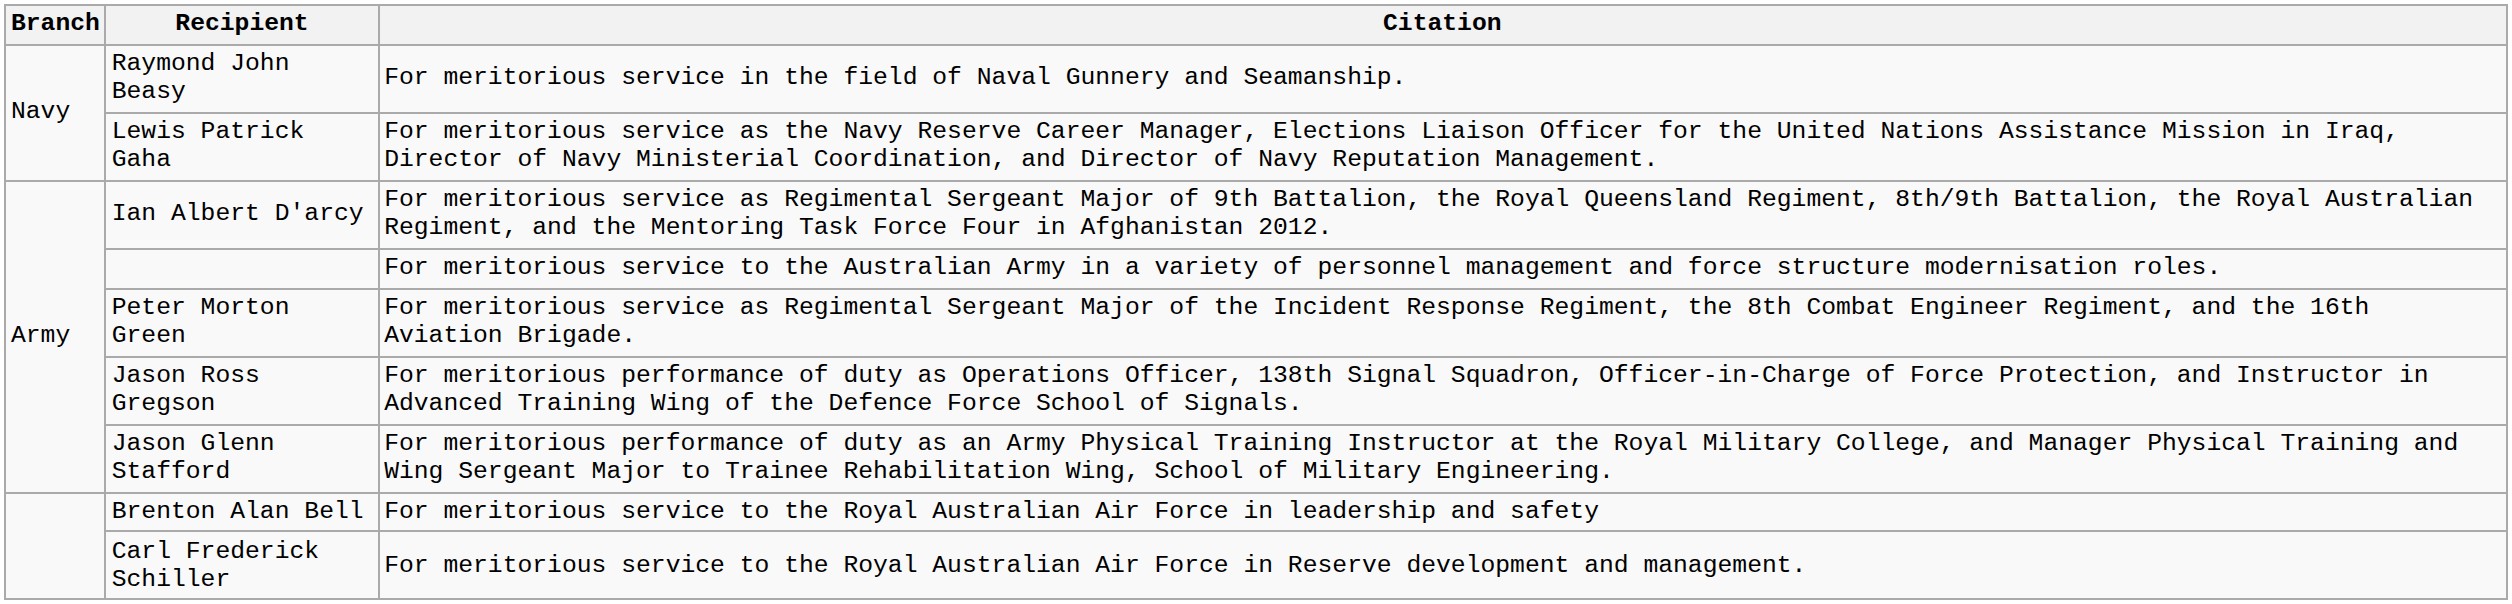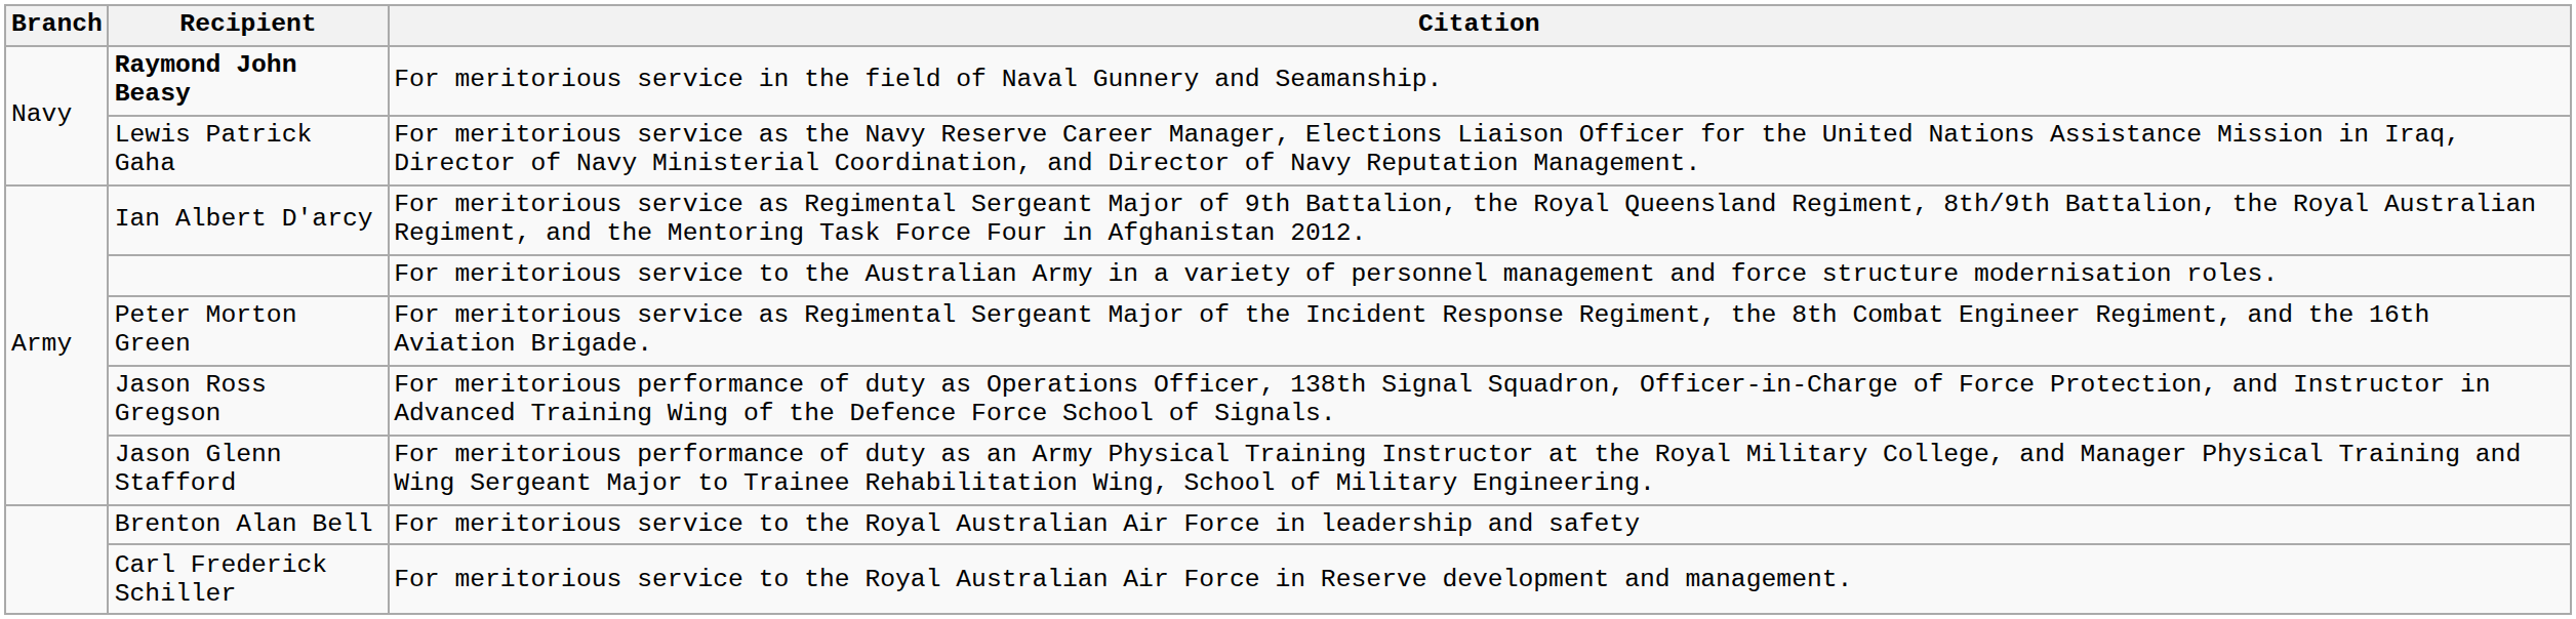 <table class="wikitable" style="font-size:95%;">
 <tr>
 <th>Branch</th>
 <th>Recipient</th>
 <th>Citation</th>
 </tr>
 <tr>
 <td rowspan="2">Navy</td>
-<td> Raymond John Beasy </td>
+<td><strong> Raymond John Beasy </strong></td>
 <td>For meritorious service in the field of Naval Gunnery and Seamanship.</td>
 </tr>
 <tr>
 <td> Lewis Patrick Gaha </td>
 <td>For meritorious service as the Navy Reserve Career Manager, Elections Liaison Officer for the United Nations Assistance Mission in Iraq, Director of Navy Ministerial Coordination, and Director of Navy Reputation Management.</td>
 </tr>
 <tr>
 <td rowspan="5">Army</td>
 <td> Ian Albert D'arcy</td>
 <td>For meritorious service as Regimental Sergeant Major of 9th Battalion, the Royal Queensland Regiment, 8th/9th Battalion, the Royal Australian Regiment, and the Mentoring Task Force Four in Afghanistan 2012.</td>
 </tr>
 <tr>
 <td></td>
 <td>For meritorious service to the Australian Army in a variety of personnel management and force structure modernisation roles.</td>
 </tr>
 <tr>
 <td> Peter Morton Green</td>
 <td>For meritorious service as Regimental Sergeant Major of the Incident Response Regiment, the 8th Combat Engineer Regiment, and the 16th Aviation Brigade.</td>
 </tr>
 <tr>
 <td> Jason Ross Gregson</td>
 <td>For meritorious performance of duty as Operations Officer, 138th Signal Squadron, Officer-in-Charge of Force Protection, and Instructor in Advanced Training Wing of the Defence Force School of Signals.</td>
 </tr>
 <tr>
 <td> Jason Glenn Stafford</td>
 <td>For meritorious performance of duty as an Army Physical Training Instructor at the Royal Military College, and Manager Physical Training and Wing Sergeant Major to Trainee Rehabilitation Wing, School of Military Engineering.</td>
 </tr>
 <tr>
 <td rowspan="2"></td>
 <td> Brenton Alan Bell</td>
 <td>For meritorious service to the Royal Australian Air Force in leadership and safety</td>
 </tr>
 <tr>
 <td> Carl Frederick Schiller </td>
 <td>For meritorious service to the Royal Australian Air Force in Reserve development and management.</td>
 </tr>
 </table>
